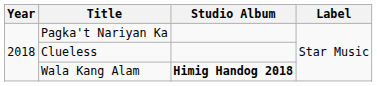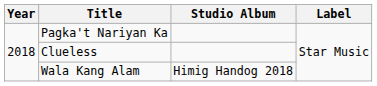 <table class="wikitable">
 <tr>
 <th>Year</th>
 <th>Title</th>
 <th>Studio Album</th>
 <th>Label</th>
 </tr>
 <tr>
 <td rowspan="3">2018</td>
 <td>Pagka't Nariyan Ka</td>
 <td></td>
 <td rowspan="3">Star Music</td>
 </tr>
 <tr>
 <td>Clueless</td>
 <td></td>
 </tr>
 <tr>
 <td>Wala Kang Alam</td>
-<td><strong>Himig Handog 2018</strong></td>
+<td>Himig Handog 2018</td>
 </tr>
 </table>
